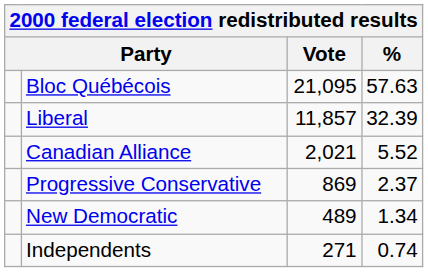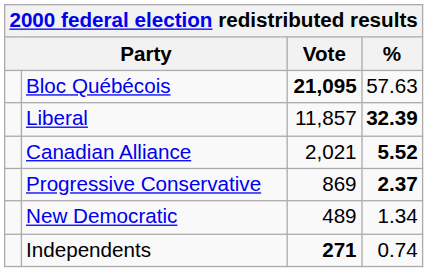 <table class="wikitable">
 <tr>
 <th colspan="4"><a href='#'>2000 federal election</a> redistributed results</th>
 </tr>
 <tr>
 <th bgcolor="#DDDDFF" width="130px" colspan="2">Party</th>
 <th bgcolor="#DDDDFF" width="50px">Vote</th>
 <th bgcolor="#DDDDFF" width="30px">%</th>
 </tr>
 <tr>
 <td> </td>
 <td><a href='#'>Bloc Québécois</a></td>
-<td align=right>21,095</td>
+<td align=right><strong>21,095</strong></td>
 <td align=right>57.63</td>
 </tr>
 <tr>
 <td> </td>
 <td><a href='#'>Liberal</a></td>
 <td align=right>11,857</td>
-<td align=right>32.39</td>
+<td align=right><strong>32.39</strong></td>
 </tr>
 <tr>
 <td> </td>
 <td><a href='#'>Canadian Alliance</a></td>
 <td align=right>2,021</td>
-<td align=right>5.52</td>
+<td align=right><strong>5.52</strong></td>
 </tr>
 <tr>
 <td> </td>
 <td><a href='#'>Progressive Conservative</a></td>
 <td align=right>869</td>
-<td align=right>2.37</td>
+<td align=right><strong>2.37</strong></td>
 </tr>
 <tr>
 <td> </td>
 <td><a href='#'>New Democratic</a></td>
 <td align=right>489</td>
 <td align=right>1.34</td>
 </tr>
 <tr>
 <td> </td>
 <td>Independents</td>
-<td align=right>271</td>
+<td align=right><strong>271</strong></td>
 <td align=right>0.74</td>
 </tr>
 </table>
